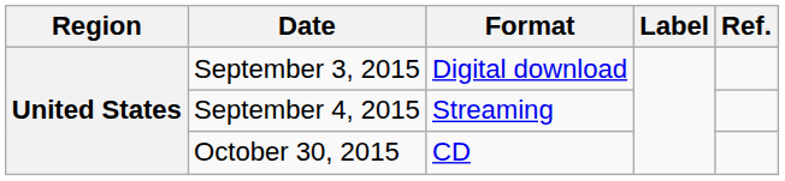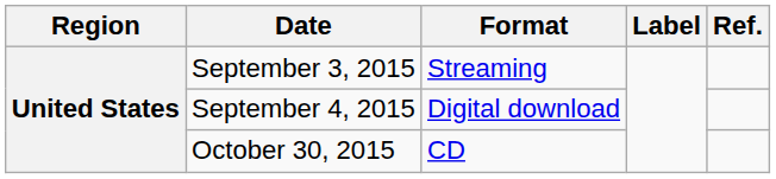 <table class="wikitable sortable plainrowheaders">
 <tr>
 <th scope="col">Region</th>
 <th scope="col">Date</th>
 <th scope="col">Format</th>
 <th scope="col">Label</th>
 <th scope="col">Ref.</th>
 </tr>
 <tr>
 <th scope="row" rowspan="3">United States</th>
 <td>September 3, 2015</td>
-<td><a href='#'>Digital download</a></td>
+<td><a href='#'>Streaming</a></td>
 <td rowspan="3"></td>
 <td></td>
 </tr>
 <tr>
 <td>September 4, 2015</td>
-<td><a href='#'>Streaming</a></td>
+<td><a href='#'>Digital download</a></td>
 <td></td>
 </tr>
 <tr>
 <td>October 30, 2015</td>
 <td><a href='#'>CD</a></td>
 <td></td>
 </tr>
 </table>
